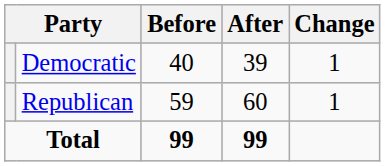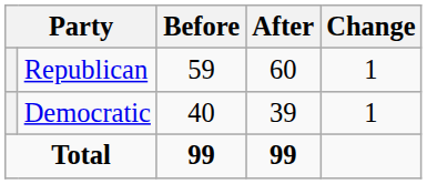 <table class="wikitable" style="text-align:center;">
 <tr>
 <th colspan="2">Party</th>
 <th>Before</th>
 <th>After</th>
 <th>Change</th>
 </tr>
 <tr>
 <th style="background-color:"></th>
-<td style="text-align:left;"><a href='#'>Democratic</a></td>
-<td>40</td>
-<td>39</td>
+<td style="text-align:left;"><a href='#'>Republican</a></td>
+<td>59</td>
+<td>60</td>
 <td> 1</td>
 </tr>
 <tr>
 <th style="background-color:"></th>
-<td style="text-align:left;"><a href='#'>Republican</a></td>
-<td>59</td>
-<td>60</td>
+<td style="text-align:left;"><a href='#'>Democratic</a></td>
+<td>40</td>
+<td>39</td>
 <td> 1</td>
 </tr>
 <tr>
 <td colspan="2"><strong>Total</strong></td>
 <td><strong>99</strong></td>
 <td><strong>99</strong></td>
 <td></td>
 </tr>
 </table>
